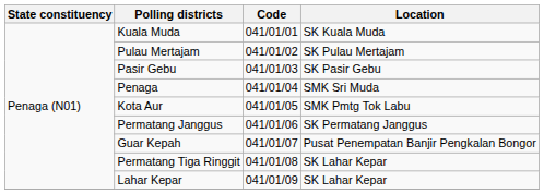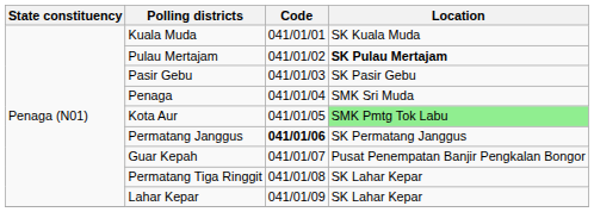 <table class="wikitable sortable mw-collapsible" style="white-space:nowrap;font-size:85%">
 <tr>
 <th>State constituency</th>
 <th>Polling districts</th>
 <th>Code</th>
 <th>Location</th>
 </tr>
 <tr>
 <td rowspan="9">Penaga (N01)</td>
 <td>Kuala Muda</td>
 <td>041/01/01</td>
 <td>SK Kuala Muda</td>
 </tr>
 <tr>
 <td>Pulau Mertajam</td>
 <td>041/01/02</td>
-<td>SK Pulau Mertajam</td>
+<td><strong>SK Pulau Mertajam</strong></td>
 </tr>
 <tr>
 <td>Pasir Gebu</td>
 <td>041/01/03</td>
 <td>SK Pasir Gebu</td>
 </tr>
 <tr>
 <td>Penaga</td>
 <td>041/01/04</td>
 <td>SMK Sri Muda</td>
 </tr>
 <tr>
 <td>Kota Aur</td>
 <td>041/01/05</td>
-<td>SMK Pmtg Tok Labu</td>
+<td style="background: lightgreen;">SMK Pmtg Tok Labu</td>
 </tr>
 <tr>
 <td>Permatang Janggus</td>
-<td>041/01/06</td>
+<td><strong>041/01/06</strong></td>
 <td>SK Permatang Janggus</td>
 </tr>
 <tr>
 <td>Guar Kepah</td>
 <td>041/01/07</td>
 <td>Pusat Penempatan Banjir Pengkalan Bongor</td>
 </tr>
 <tr>
 <td>Permatang Tiga Ringgit</td>
 <td>041/01/08</td>
 <td>SK Lahar Kepar</td>
 </tr>
 <tr>
 <td>Lahar Kepar</td>
 <td>041/01/09</td>
 <td>SK Lahar Kepar</td>
 </tr>
 <tr>
 </tr>
 </table>
